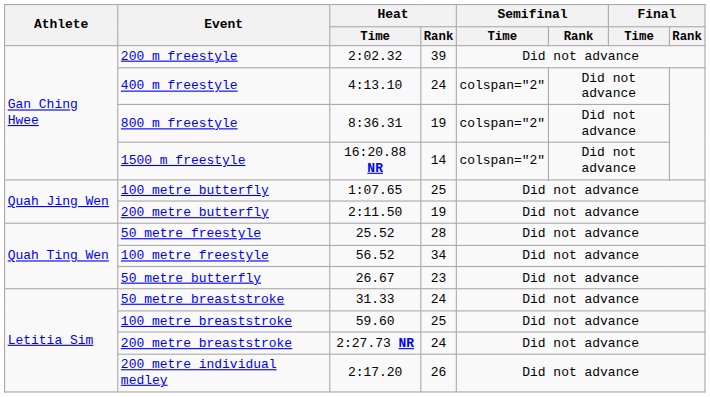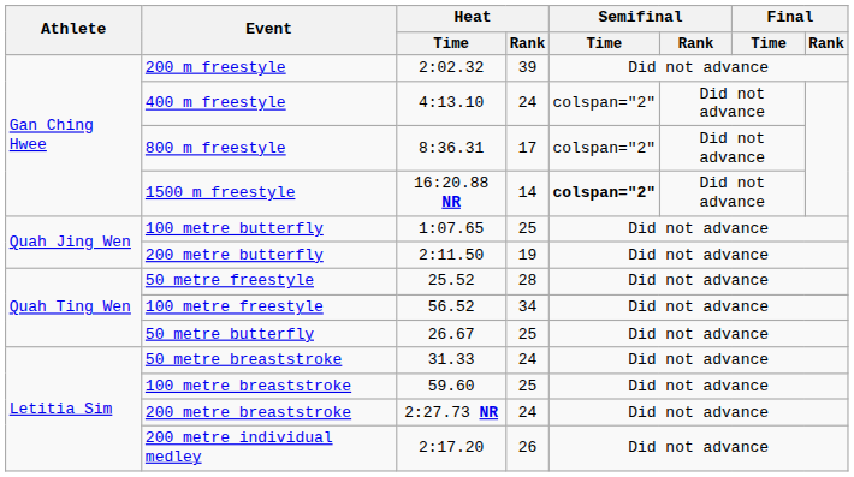 <table class="wikitable" style="text-align:center; font-size:90%; width:50%;">
 <tr>
 <th rowspan="2">Athlete</th>
 <th rowspan="2">Event</th>
 <th colspan="2">Heat</th>
 <th colspan="2">Semifinal</th>
 <th colspan="2">Final</th>
 </tr>
 <tr style="font-size:95%">
 <th>Time</th>
 <th>Rank</th>
 <th>Time</th>
 <th>Rank</th>
 <th>Time</th>
 <th>Rank</th>
 </tr>
 <tr align=center>
 <td align=left rowspan=4><a href='#'>Gan Ching Hwee</a></td>
 <td align=left><a href='#'>200 m freestyle</a></td>
 <td>2:02.32</td>
 <td>39</td>
 <td colspan=4>Did not advance</td>
 </tr>
 <tr align=center>
 <td align=left><a href='#'>400 m freestyle</a></td>
 <td>4:13.10</td>
 <td>24</td>
 <td>colspan="2" </td>
 <td colspan="2">Did not advance</td>
 </tr>
 <tr align=center>
 <td align=left><a href='#'>800 m freestyle</a></td>
 <td>8:36.31</td>
-<td>19</td>
+<td>17</td>
 <td>colspan="2" </td>
 <td colspan="2">Did not advance</td>
 </tr>
 <tr align=center>
 <td align=left><a href='#'>1500 m freestyle</a></td>
 <td>16:20.88 <strong><a href='#'>NR</a></strong></td>
 <td>14</td>
-<td>colspan="2" </td>
+<td><strong>colspan="2" </strong></td>
 <td colspan="2">Did not advance</td>
 </tr>
 <tr align=center>
 <td align=left rowspan=2><a href='#'>Quah Jing Wen</a></td>
 <td align=left><a href='#'>100 metre butterfly</a></td>
 <td>1:07.65</td>
 <td>25</td>
 <td colspan=4>Did not advance</td>
 </tr>
 <tr align=center>
 <td align=left><a href='#'>200 metre butterfly</a></td>
 <td>2:11.50</td>
 <td>19</td>
 <td colspan=4>Did not advance</td>
 </tr>
 <tr>
 <td align=left rowspan=3><a href='#'>Quah Ting Wen</a></td>
 <td align=left><a href='#'>50 metre freestyle</a></td>
 <td>25.52</td>
 <td>28</td>
 <td colspan=4>Did not advance</td>
 </tr>
 <tr>
 <td align=left><a href='#'>100 metre freestyle</a></td>
 <td>56.52</td>
 <td>34</td>
 <td colspan=4>Did not advance</td>
 </tr>
 <tr>
 <td align=left><a href='#'>50 metre butterfly</a></td>
 <td>26.67</td>
-<td>23</td>
+<td>25</td>
 <td colspan=4>Did not advance</td>
 </tr>
 <tr align=center>
 <td align=left rowspan=4><a href='#'>Letitia Sim</a></td>
 <td align=left><a href='#'>50 metre breaststroke</a></td>
 <td>31.33</td>
 <td>24</td>
 <td colspan=4>Did not advance</td>
 </tr>
 <tr align=center>
 <td align=left><a href='#'>100 metre breaststroke</a></td>
 <td>59.60</td>
 <td>25</td>
 <td colspan=4>Did not advance</td>
 </tr>
 <tr align=center>
 <td align=left><a href='#'>200 metre breaststroke</a></td>
 <td>2:27.73 <strong><a href='#'>NR</a></strong></td>
 <td>24</td>
 <td colspan=4>Did not advance</td>
 </tr>
 <tr align=center>
 <td align=left><a href='#'>200 metre individual medley</a></td>
 <td>2:17.20</td>
 <td>26</td>
 <td colspan=4>Did not advance</td>
 </tr>
 </table>
